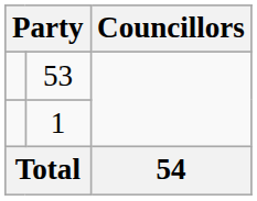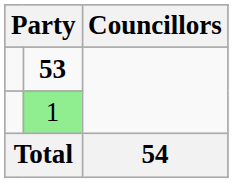 <table class="wikitable">
 <tr>
 <th colspan=2>Party</th>
 <th>Councillors</th>
 </tr>
 <tr>
 <td></td>
-<td align=center>53</td>
+<td align=center><strong>53</strong></td>
 </tr>
 <tr>
 <td></td>
-<td align=center>1</td>
+<td align=center style="background: lightgreen;">1</td>
 </tr>
 <tr>
 <th colspan=2>Total</th>
 <th>54</th>
 </tr>
 </table>
